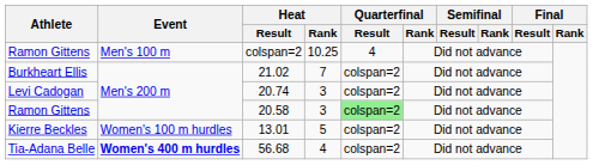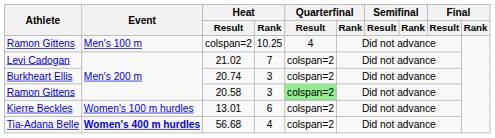 <table class="wikitable" style="font-size:90%">
 <tr>
 <th rowspan="2">Athlete</th>
 <th rowspan="2">Event</th>
 <th colspan="2">Heat</th>
 <th colspan="2">Quarterfinal</th>
 <th colspan="2">Semifinal</th>
 <th colspan="2">Final</th>
 </tr>
 <tr style="font-size:95%">
 <th>Result</th>
 <th>Rank</th>
 <th>Result</th>
 <th>Rank</th>
 <th>Result</th>
 <th>Rank</th>
 <th>Result</th>
 <th>Rank</th>
 </tr>
 <tr align=center>
 <td align=left><a href='#'>Ramon Gittens</a></td>
 <td align=left><a href='#'>Men's 100 m</a></td>
 <td>colspan=2 </td>
 <td>10.25</td>
 <td>4</td>
 <td colspan=4>Did not advance</td>
 </tr>
 <tr align=center>
-<td align=left><a href='#'>Burkheart Ellis</a></td>
+<td align=left><a href='#'>Levi Cadogan</a></td>
 <td align=left rowspan=3><a href='#'>Men's 200 m</a></td>
 <td>21.02</td>
 <td>7</td>
 <td>colspan=2 </td>
 <td colspan=4>Did not advance</td>
 </tr>
 <tr align=center>
-<td align=left><a href='#'>Levi Cadogan</a></td>
+<td align=left><a href='#'>Burkheart Ellis</a></td>
 <td>20.74</td>
 <td>3</td>
 <td>colspan=2 </td>
 <td colspan=4>Did not advance</td>
 </tr>
 <tr align=center>
 <td align=left><a href='#'>Ramon Gittens</a></td>
 <td>20.58</td>
 <td>3</td>
 <td style="background: lightgreen;">colspan=2 </td>
 <td colspan=4>Did not advance</td>
 </tr>
 <tr align=center>
 <td align=left><a href='#'>Kierre Beckles</a></td>
 <td align=left><a href='#'>Women's 100 m hurdles</a></td>
 <td>13.01</td>
-<td>5</td>
+<td>6</td>
 <td>colspan=2 </td>
 <td colspan=4>Did not advance</td>
 </tr>
 <tr align=center>
 <td align=left><a href='#'>Tia-Adana Belle</a></td>
 <td align=left><strong><a href='#'>Women's 400 m hurdles</a></strong></td>
 <td>56.68</td>
 <td>4</td>
 <td>colspan=2 </td>
 <td colspan=4>Did not advance</td>
 </tr>
 </table>
